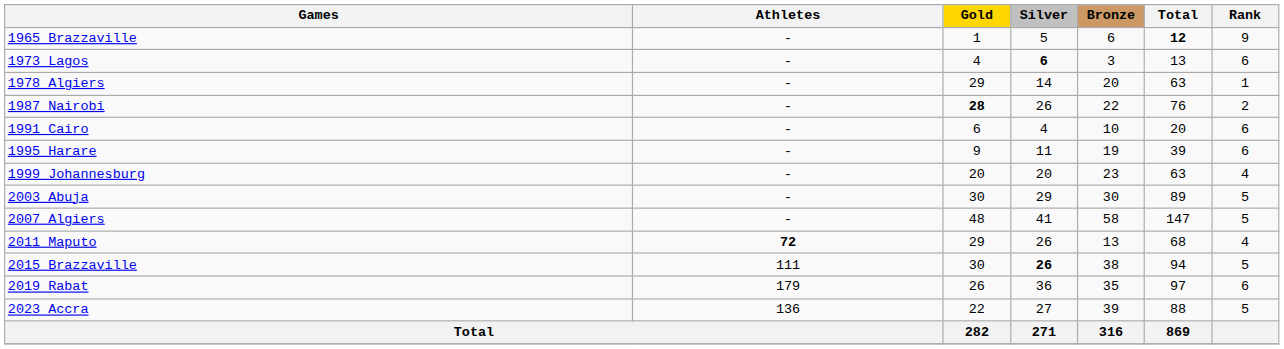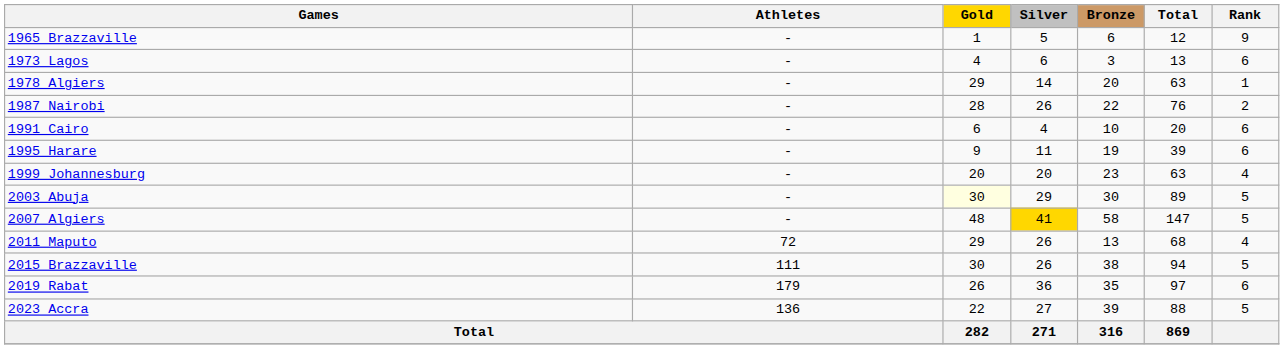 <table class="wikitable" width=70% style="font-size:90%; text-align:center;">
 <tr>
 <th>Games</th>
 <th>Athletes</th>
 <td style="background:gold; width:4.5em; font-weight:bold;">Gold</td>
 <td style="background:silver; width:4.5em; font-weight:bold;">Silver</td>
 <td style="background:#cc9966; width:4.5em; font-weight:bold;">Bronze</td>
 <th style="width:4.5em; font-weight:bold;">Total</th>
 <th style="width:4.5em; font-weight:bold;">Rank</th>
 </tr>
 <tr>
 <td align=left><a href='#'>1965 Brazzaville</a></td>
 <td>-</td>
 <td>1</td>
 <td>5</td>
 <td>6</td>
-<td><strong>12</strong></td>
+<td>12</td>
 <td>9</td>
 </tr>
 <tr>
 <td align=left><a href='#'>1973 Lagos</a></td>
 <td>-</td>
 <td>4</td>
-<td><strong>6</strong></td>
+<td>6</td>
 <td>3</td>
 <td>13</td>
 <td>6</td>
 </tr>
 <tr>
 <td align=left><a href='#'>1978 Algiers</a></td>
 <td>-</td>
 <td>29</td>
 <td>14</td>
 <td>20</td>
 <td>63</td>
 <td>1</td>
 </tr>
 <tr>
 <td align=left><a href='#'>1987 Nairobi</a></td>
 <td>-</td>
-<td><strong>28</strong></td>
+<td>28</td>
 <td>26</td>
 <td>22</td>
 <td>76</td>
 <td>2</td>
 </tr>
 <tr>
 <td align=left><a href='#'>1991 Cairo</a></td>
 <td>-</td>
 <td>6</td>
 <td>4</td>
 <td>10</td>
 <td>20</td>
 <td>6</td>
 </tr>
 <tr>
 <td align=left><a href='#'>1995 Harare</a></td>
 <td>-</td>
 <td>9</td>
 <td>11</td>
 <td>19</td>
 <td>39</td>
 <td>6</td>
 </tr>
 <tr>
 <td align=left><a href='#'>1999 Johannesburg</a></td>
 <td>-</td>
 <td>20</td>
 <td>20</td>
 <td>23</td>
 <td>63</td>
 <td>4</td>
 </tr>
 <tr>
 <td align=left><a href='#'>2003 Abuja</a></td>
 <td>-</td>
-<td>30</td>
+<td style="background: lightyellow;">30</td>
 <td>29</td>
 <td>30</td>
 <td>89</td>
 <td>5</td>
 </tr>
 <tr>
 <td align=left><a href='#'>2007 Algiers</a></td>
 <td>-</td>
 <td>48</td>
-<td>41</td>
+<td style="background: gold;">41</td>
 <td>58</td>
 <td>147</td>
 <td>5</td>
 </tr>
 <tr>
 <td align=left><a href='#'>2011 Maputo</a></td>
-<td><strong>72</strong></td>
+<td>72</td>
 <td>29</td>
 <td>26</td>
 <td>13</td>
 <td>68</td>
 <td>4</td>
 </tr>
 <tr>
 <td align=left><a href='#'>2015 Brazzaville</a></td>
 <td>111</td>
 <td>30</td>
-<td><strong>26</strong></td>
+<td>26</td>
 <td>38</td>
 <td>94</td>
 <td>5</td>
 </tr>
 <tr>
 <td align=left><a href='#'>2019 Rabat</a></td>
 <td>179</td>
 <td>26</td>
 <td>36</td>
 <td>35</td>
 <td>97</td>
 <td>6</td>
 </tr>
 <tr>
 <td align=left><a href='#'>2023 Accra</a></td>
 <td>136</td>
 <td>22</td>
 <td>27</td>
 <td>39</td>
 <td>88</td>
 <td>5</td>
 </tr>
 <tr style="width:4em;">
 <th colspan=2>Total</th>
 <th>282</th>
 <th>271</th>
 <th>316</th>
 <th>869</th>
 <th></th>
 </tr>
 <tr class="sortbottom">
 </tr>
 </table>
